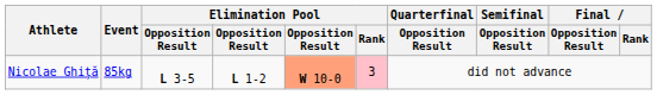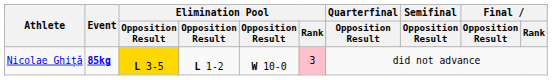 <table class="wikitable" style="font-size:90%">
 <tr>
 <th rowspan="2">Athlete</th>
 <th rowspan="2">Event</th>
 <th colspan=4>Elimination Pool</th>
 <th>Quarterfinal</th>
 <th>Semifinal</th>
 <th colspan=2>Final / </th>
 </tr>
 <tr style="font-size: 95%">
 <th>Opposition<br>Result</th>
 <th>Opposition<br>Result</th>
 <th>Opposition<br>Result</th>
 <th>Rank</th>
 <th>Opposition<br>Result</th>
 <th>Opposition<br>Result</th>
 <th>Opposition<br>Result</th>
 <th>Rank</th>
 </tr>
 <tr align=center>
 <td align=left><a href='#'>Nicolae Ghiță</a></td>
-<td align=left><a href='#'>85kg</a></td>
-<td><br><strong>L</strong> 3-5</td>
+<td align=left><strong><a href='#'>85kg</a></strong></td>
+<td style="background: gold;"><br><strong>L</strong> 3-5</td>
 <td><br><strong>L</strong> 1-2</td>
-<td style="background: lightsalmon;"><br><strong>W</strong> 10-0</td>
+<td><br><strong>W</strong> 10-0</td>
 <td style="background: pink;">3</td>
 <td colspan=4>did not advance</td>
 </tr>
 </table>
